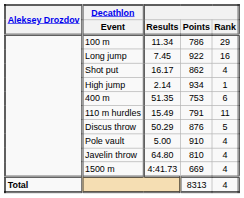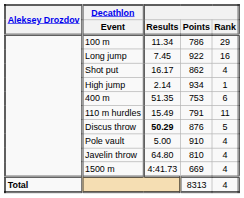 <table class=wikitable style="font-size:90%; border: double;">
 <tr>
 <th style="border-right:double" rowspan="2"><a href='#'>Aleksey Drozdov</a></th>
 <th style="border-right:double"><a href='#'>Decathlon</a></th>
 <th colspan="3"></th>
 </tr>
 <tr>
 <th style="border-right:double">Event</th>
 <th>Results</th>
 <th>Points</th>
 <th>Rank</th>
 </tr>
 <tr style="border-top: double;">
 <td style="border-right:double" rowspan="10"></td>
 <td style="border-right:double">100 m</td>
 <td align=center>11.34</td>
 <td align=center>786</td>
 <td align=center>29</td>
 </tr>
 <tr>
 <td style="border-right:double">Long jump</td>
 <td align=center>7.45</td>
 <td align=center>922</td>
 <td align=center>16</td>
 </tr>
 <tr>
 <td style="border-right:double">Shot put</td>
 <td align=center>16.17</td>
 <td align=center>862</td>
 <td align=center>4</td>
 </tr>
 <tr>
 <td style="border-right:double">High jump</td>
 <td align=center>2.14</td>
 <td align=center>934</td>
 <td align=center>1</td>
 </tr>
 <tr>
 <td style="border-right:double">400 m</td>
 <td align=center>51.35</td>
 <td align=center>753</td>
 <td align=center>6</td>
 </tr>
 <tr>
 <td style="border-right:double">110 m hurdles</td>
 <td align=center>15.49</td>
 <td align=center>791</td>
 <td align=center>11</td>
 </tr>
 <tr>
 <td style="border-right:double">Discus throw</td>
-<td align=center>50.29</td>
+<td align=center><strong>50.29</strong></td>
 <td align=center>876</td>
 <td align=center>5</td>
 </tr>
 <tr>
 <td style="border-right:double">Pole vault</td>
 <td align=center>5.00</td>
 <td align=center>910</td>
 <td align=center>4</td>
 </tr>
 <tr>
 <td style="border-right:double">Javelin throw</td>
 <td align=center>64.80</td>
 <td align=center>810</td>
 <td align=center>4</td>
 </tr>
 <tr>
 <td style="border-right:double">1500 m</td>
 <td align=center>4:41.73</td>
 <td align=center>669</td>
 <td align=center>4</td>
 </tr>
 <tr style="border-top: double;">
 <td style="border-right:double"><strong>Total</strong></td>
 <td colspan="2" style="background:wheat; border-right:double;"></td>
 <td align=center>8313</td>
 <td align=center>4</td>
 </tr>
 </table>
